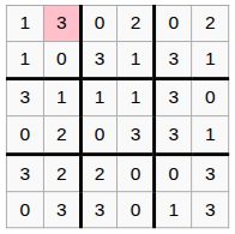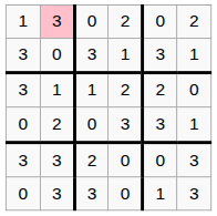 <table class="wikitable" style="margin-left:auto;margin-right:auto;text-align:center;width:12em;height:12em;table-layout:fixed;">
 <tr>
 </tr>
 <tr>
 <td>1</td>
 <td style="background: pink; border-right:solid">3</td>
 <td>0</td>
 <td style="border-right:solid">2</td>
 <td>0</td>
 <td>2</td>
 </tr>
 <tr>
-<td>1</td>
+<td>3</td>
 <td style="border-right:solid">0</td>
 <td>3</td>
 <td style="border-right:solid">1</td>
 <td>3</td>
 <td>1</td>
 </tr>
 <tr>
 <td style="border-top:solid">3</td>
 <td style="border-right:solid; border-top:solid">1</td>
 <td style="border-top:solid">1</td>
-<td style="border-right:solid; border-top:solid">1</td>
-<td style="border-top:solid">3</td>
+<td style="border-right:solid; border-top:solid">2</td>
+<td style="border-top:solid">2</td>
 <td style="border-top:solid">0</td>
 </tr>
 <tr>
 <td>0</td>
 <td style="border-right:solid">2</td>
 <td>0</td>
 <td style="border-right:solid">3</td>
 <td>3</td>
 <td>1</td>
 </tr>
 <tr>
 <td style="border-top:solid">3</td>
-<td style="border-right:solid; border-top:solid ">2</td>
+<td style="border-right:solid; border-top:solid ">3</td>
 <td style="border-top:solid">2</td>
 <td style="border-right:solid; border-top:solid">0</td>
 <td style="border-top:solid">0</td>
 <td style="border-top:solid">3</td>
 </tr>
 <tr>
 <td>0</td>
 <td style="border-right:solid">3</td>
 <td>3</td>
 <td style="border-right:solid">0</td>
 <td>1</td>
 <td>3</td>
 </tr>
 </table>
